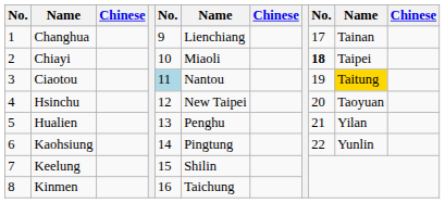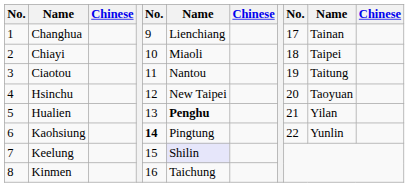 <table class=wikitable>
 <tr>
 <th>No.</th>
 <th>Name</th>
 <th><a href='#'>Chinese</a></th>
 <th rowspan=9></th>
 <th>No.</th>
 <th>Name</th>
 <th><a href='#'>Chinese</a></th>
 <th rowspan=9></th>
 <th>No.</th>
 <th>Name</th>
 <th><a href='#'>Chinese</a></th>
 </tr>
 <tr>
 <td>1</td>
 <td>Changhua</td>
 <td></td>
 <td>9</td>
 <td>Lienchiang</td>
 <td></td>
 <td>17</td>
 <td>Tainan</td>
 <td></td>
 </tr>
 <tr>
 <td>2</td>
 <td>Chiayi</td>
 <td></td>
 <td>10</td>
 <td>Miaoli</td>
 <td></td>
-<td><strong>18</strong></td>
+<td>18</td>
 <td>Taipei</td>
 <td></td>
 </tr>
 <tr>
 <td>3</td>
 <td>Ciaotou</td>
 <td></td>
-<td style="background: lightblue;">11</td>
+<td>11</td>
 <td>Nantou</td>
 <td></td>
 <td>19</td>
-<td style="background: gold;">Taitung</td>
+<td>Taitung</td>
 <td></td>
 </tr>
 <tr>
 <td>4</td>
 <td>Hsinchu</td>
 <td></td>
 <td>12</td>
 <td>New Taipei</td>
 <td></td>
 <td>20</td>
 <td>Taoyuan</td>
 <td></td>
 </tr>
 <tr>
 <td>5</td>
 <td>Hualien</td>
 <td></td>
 <td>13</td>
-<td>Penghu</td>
+<td><strong>Penghu</strong></td>
 <td></td>
 <td>21</td>
 <td>Yilan</td>
 <td></td>
 </tr>
 <tr>
 <td>6</td>
 <td>Kaohsiung</td>
 <td></td>
-<td>14</td>
+<td><strong>14</strong></td>
 <td>Pingtung</td>
 <td></td>
 <td>22</td>
 <td>Yunlin</td>
 <td></td>
 </tr>
 <tr>
 <td>7</td>
 <td>Keelung</td>
 <td></td>
 <td>15</td>
-<td>Shilin</td>
+<td style="background: lavender;">Shilin</td>
 <td></td>
 </tr>
 <tr>
 <td>8</td>
 <td>Kinmen</td>
 <td></td>
 <td>16</td>
 <td>Taichung</td>
 <td></td>
 </tr>
 </table>
